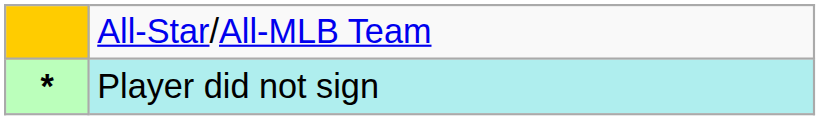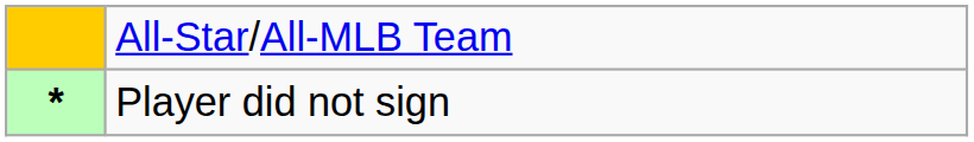 <table class=wikitable width="30%">
 <tr>
 <td style="background-color:#FFCC00; border:1px solid #aaaaaa; width:2em;"></td>
 <td><a href='#'>All-Star</a>/<a href='#'>All-MLB Team</a></td>
 </tr>
 <tr>
 <th scope="row" style="background:#bfb;">*</th>
-<td style="background: paleturquoise;">Player did not sign</td>
+<td>Player did not sign</td>
 </tr>
 </table>
